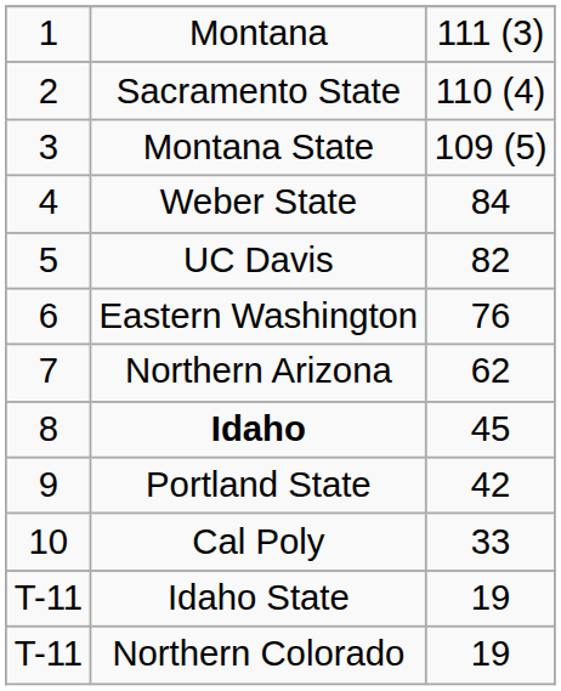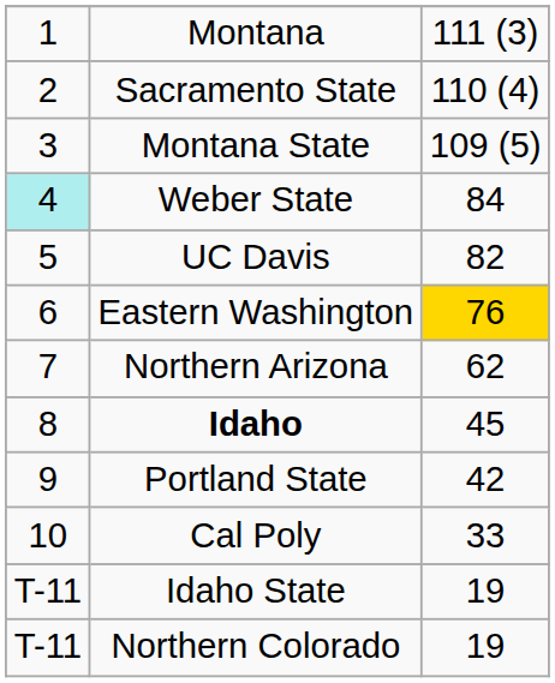 <table class="wikitable" style="display: inline-table;">
 <tr align="center">
 </tr>
 <tr align="center">
 <td>1</td>
 <td>Montana</td>
 <td>111 (3)</td>
 </tr>
 <tr align="center">
 <td>2</td>
 <td>Sacramento State</td>
 <td>110 (4)</td>
 </tr>
 <tr align="center">
 <td>3</td>
 <td>Montana State</td>
 <td>109 (5)</td>
 </tr>
 <tr align="center">
-<td>4</td>
+<td style="background: paleturquoise;">4</td>
 <td>Weber State</td>
 <td>84</td>
 </tr>
 <tr align="center">
 <td>5</td>
 <td>UC Davis</td>
 <td>82</td>
 </tr>
 <tr align="center">
 <td>6</td>
 <td>Eastern Washington</td>
-<td>76</td>
+<td style="background: gold;">76</td>
 </tr>
 <tr align="center">
 <td>7</td>
 <td>Northern Arizona</td>
 <td>62</td>
 </tr>
 <tr align="center">
 <td>8</td>
 <td><strong>Idaho</strong></td>
 <td>45</td>
 </tr>
 <tr align="center">
 <td>9</td>
 <td>Portland State</td>
 <td>42</td>
 </tr>
 <tr align="center">
 <td>10</td>
 <td>Cal Poly</td>
 <td>33</td>
 </tr>
 <tr align="center">
 <td>T-11</td>
 <td>Idaho State</td>
 <td>19</td>
 </tr>
 <tr align="center">
 <td>T-11</td>
 <td>Northern Colorado</td>
 <td>19</td>
 </tr>
 </table>
